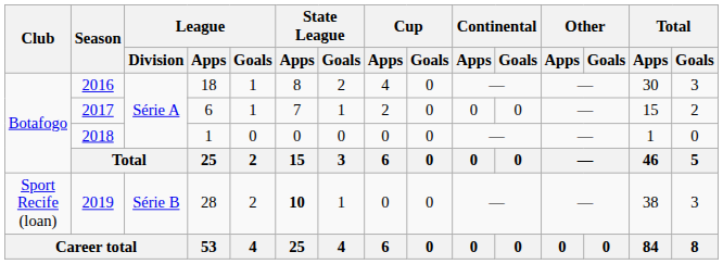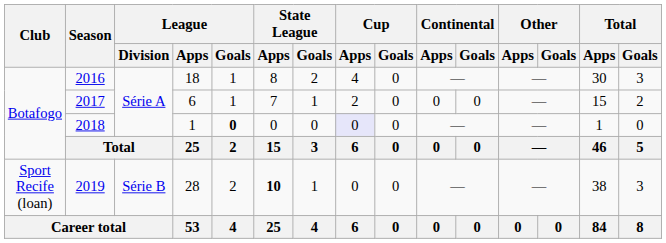 <table class="wikitable" style="text-align: center;">
 <tr>
 <th rowspan="2">Club</th>
 <th rowspan="2">Season</th>
 <th colspan="3">League</th>
 <th colspan="2">State League</th>
 <th colspan="2">Cup</th>
 <th colspan="2">Continental</th>
 <th colspan="2">Other</th>
 <th colspan="2">Total</th>
 </tr>
 <tr>
 <th>Division</th>
 <th>Apps</th>
 <th>Goals</th>
 <th>Apps</th>
 <th>Goals</th>
 <th>Apps</th>
 <th>Goals</th>
 <th>Apps</th>
 <th>Goals</th>
 <th>Apps</th>
 <th>Goals</th>
 <th>Apps</th>
 <th>Goals</th>
 </tr>
 <tr>
 <td rowspan=4 valign="center"><a href='#'>Botafogo</a></td>
 <td><a href='#'>2016</a></td>
 <td rowspan=3><a href='#'>Série A</a></td>
 <td>18</td>
 <td>1</td>
 <td>8</td>
 <td>2</td>
 <td>4</td>
 <td>0</td>
 <td colspan="2">—</td>
 <td colspan="2">—</td>
 <td>30</td>
 <td>3</td>
 </tr>
 <tr>
 <td><a href='#'>2017</a></td>
 <td>6</td>
 <td>1</td>
 <td>7</td>
 <td>1</td>
 <td>2</td>
 <td>0</td>
 <td>0</td>
 <td>0</td>
 <td colspan="2">—</td>
 <td>15</td>
 <td>2</td>
 </tr>
 <tr>
 <td><a href='#'>2018</a></td>
 <td>1</td>
+<td><strong>0</strong></td>
 <td>0</td>
 <td>0</td>
-<td>0</td>
-<td>0</td>
+<td style="background: lavender;">0</td>
 <td>0</td>
 <td colspan="2">—</td>
 <td colspan="2">—</td>
 <td>1</td>
 <td>0</td>
 </tr>
 <tr>
 <th colspan="2">Total</th>
 <th>25</th>
 <th>2</th>
 <th>15</th>
 <th>3</th>
 <th>6</th>
 <th>0</th>
 <th>0</th>
 <th>0</th>
 <th colspan="2">—</th>
 <th>46</th>
 <th>5</th>
 </tr>
 <tr>
 <td valign="center"><a href='#'>Sport Recife</a> (loan)</td>
 <td><a href='#'>2019</a></td>
 <td><a href='#'>Série B</a></td>
 <td>28</td>
 <td>2</td>
 <td><strong>10</strong></td>
 <td>1</td>
 <td>0</td>
 <td>0</td>
 <td colspan="2">—</td>
 <td colspan="2">—</td>
 <td>38</td>
 <td>3</td>
 </tr>
 <tr>
 <th colspan="3"><strong>Career total</strong></th>
 <th>53</th>
 <th>4</th>
 <th>25</th>
 <th>4</th>
 <th>6</th>
 <th>0</th>
 <th>0</th>
 <th>0</th>
 <th>0</th>
 <th>0</th>
 <th>84</th>
 <th>8</th>
 </tr>
 </table>
